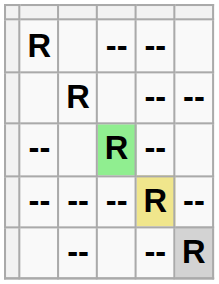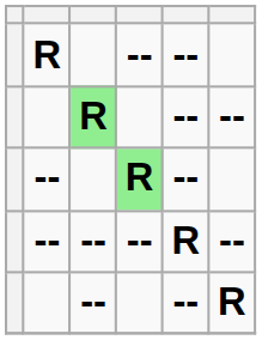 <table class="wikitable" style="text-align:center">
 <tr>
 <th></th>
 <th></th>
 <th></th>
 <th></th>
 <th></th>
 <th></th>
 </tr>
 <tr>
 <th></th>
 <td><strong>R</strong></td>
 <td></td>
 <td><strong>--</strong></td>
 <td><strong>--</strong></td>
 <td></td>
 </tr>
 <tr>
 <th></th>
 <td></td>
-<td><strong>R</strong></td>
+<td style="background: lightgreen;"><strong>R</strong></td>
 <td></td>
 <td><strong>--</strong></td>
 <td><strong>--</strong></td>
 </tr>
 <tr>
 <th></th>
 <td><strong>--</strong></td>
 <td></td>
 <td style="background: lightgreen;"><strong>R</strong></td>
 <td><strong>--</strong></td>
 <td></td>
 </tr>
 <tr>
 <th></th>
 <td><strong>--</strong></td>
 <td><strong>--</strong></td>
 <td><strong>--</strong></td>
-<td style="background: khaki;"><strong>R</strong></td>
+<td><strong>R</strong></td>
 <td><strong>--</strong></td>
 </tr>
 <tr>
 <th></th>
 <td></td>
 <td><strong>--</strong></td>
 <td></td>
 <td><strong>--</strong></td>
-<td style="background: lightgrey;"><strong>R</strong></td>
+<td><strong>R</strong></td>
 </tr>
 <tr>
 </tr>
 </table>
